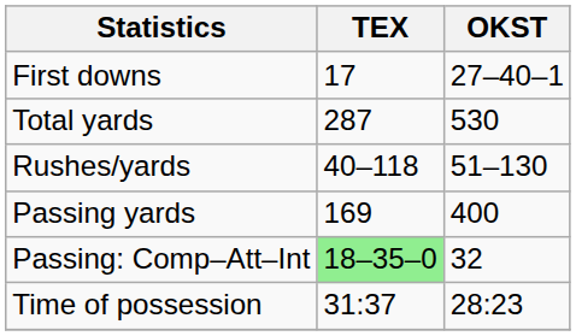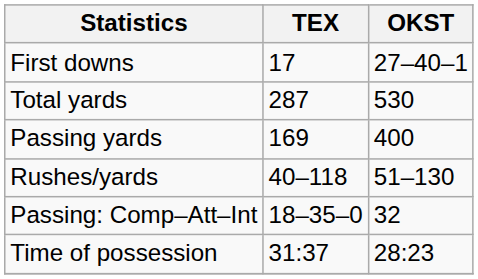 <table class="wikitable" style="float: left;">
 <tr>
 <th>Statistics</th>
 <th>TEX</th>
 <th>OKST</th>
 </tr>
 <tr>
 <td>First downs</td>
 <td>17</td>
 <td>27–40–1</td>
 </tr>
 <tr>
 <td>Total yards</td>
 <td>287</td>
 <td>530</td>
 </tr>
 <tr>
+<td>Passing yards</td>
+<td>169</td>
+<td>400</td>
+</tr>
+<tr>
 <td>Rushes/yards</td>
 <td>40–118</td>
 <td>51–130</td>
 </tr>
 <tr>
-<td>Passing yards</td>
-<td>169</td>
-<td>400</td>
-</tr>
-<tr>
 <td>Passing: Comp–Att–Int</td>
-<td style="background: lightgreen;">18–35–0</td>
+<td>18–35–0</td>
 <td>32</td>
 </tr>
 <tr>
 <td>Time of possession</td>
 <td>31:37</td>
 <td>28:23</td>
 </tr>
 <tr>
 </tr>
 </table>
